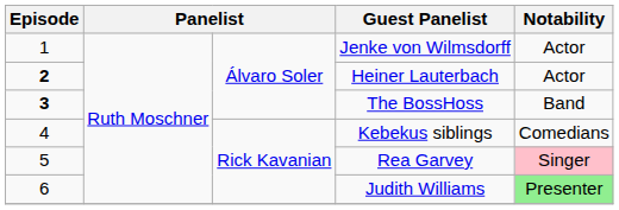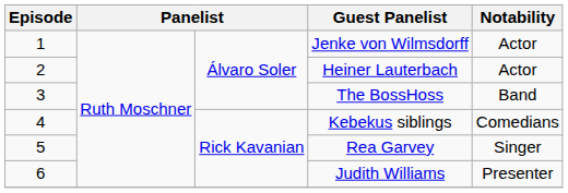 <table class="wikitable" style="text-align:center;">
 <tr>
 <th>Episode</th>
 <th colspan="2">Panelist</th>
 <th>Guest Panelist</th>
 <th>Notability</th>
 </tr>
 <tr>
 <td>1</td>
 <td rowspan="6"><a href='#'>Ruth Moschner</a></td>
 <td rowspan="3"><a href='#'>Álvaro Soler</a></td>
 <td><a href='#'>Jenke von Wilmsdorff</a></td>
 <td>Actor</td>
 </tr>
 <tr>
-<td><strong>2</strong></td>
+<td>2</td>
 <td><a href='#'>Heiner Lauterbach</a></td>
 <td>Actor</td>
 </tr>
 <tr>
-<td><strong>3</strong></td>
+<td>3</td>
 <td><a href='#'>The BossHoss</a></td>
 <td>Band</td>
 </tr>
 <tr>
 <td>4</td>
 <td rowspan="3"><a href='#'>Rick Kavanian</a></td>
 <td><a href='#'>Kebekus</a> siblings</td>
 <td>Comedians</td>
 </tr>
 <tr>
 <td>5</td>
 <td><a href='#'>Rea Garvey</a></td>
-<td style="background: pink;">Singer</td>
+<td>Singer</td>
 </tr>
 <tr>
 <td>6</td>
 <td><a href='#'>Judith Williams</a></td>
-<td style="background: lightgreen;">Presenter</td>
+<td>Presenter</td>
 </tr>
 <tr>
 </tr>
 </table>
